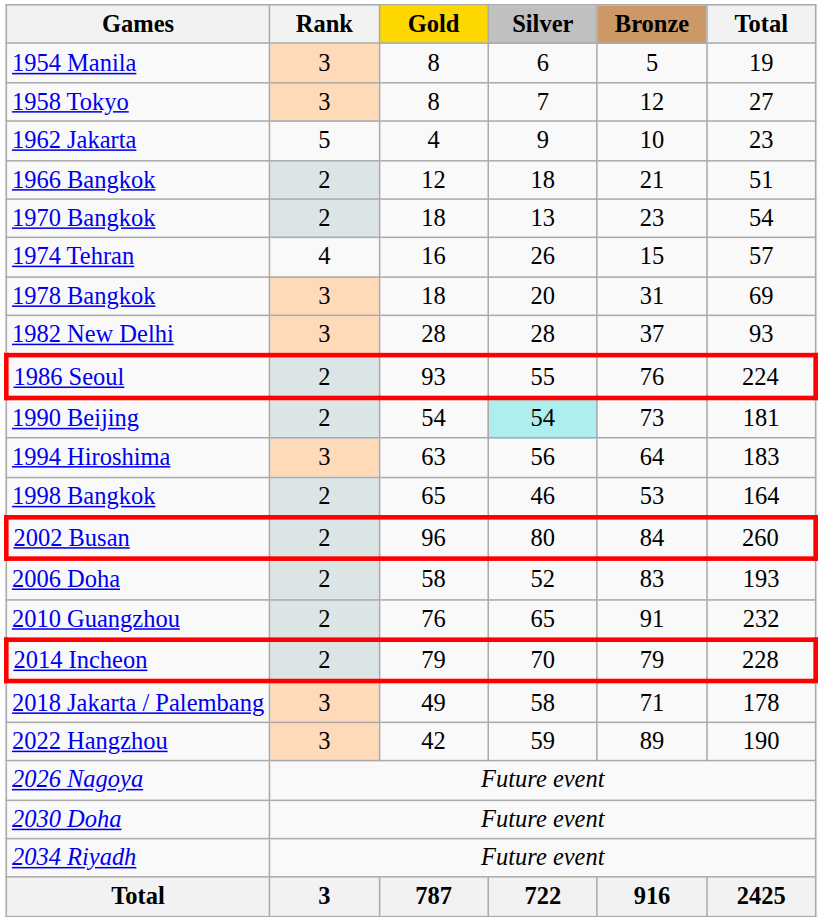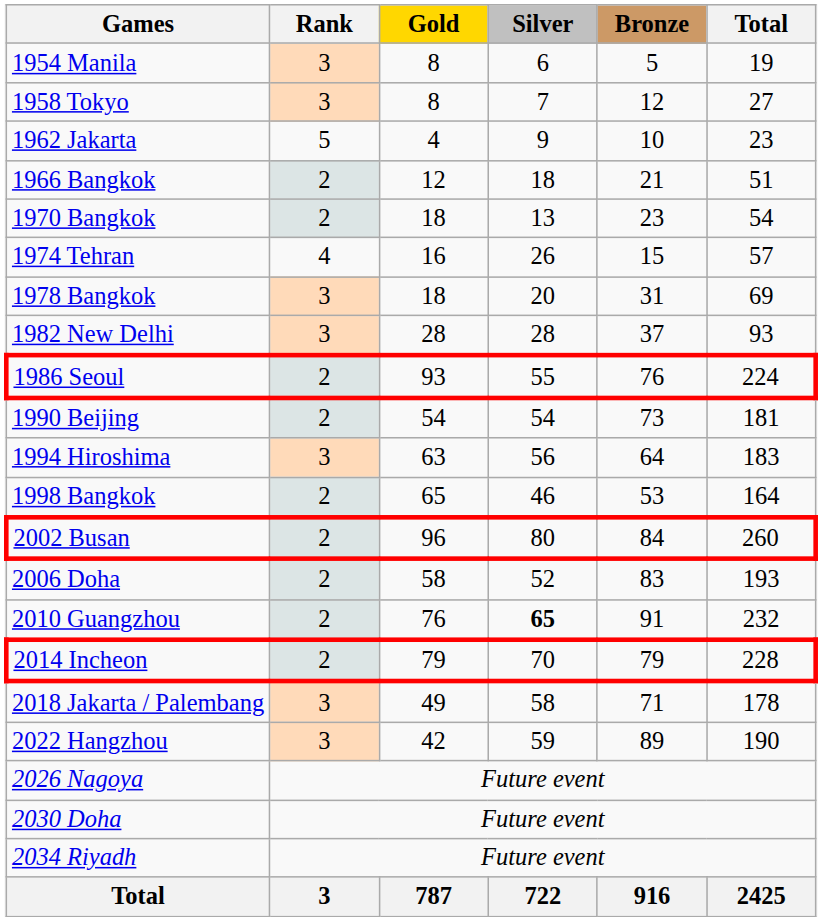 <table class="wikitable sortable" style="margin-top:0em; text-align:center; font-size:100%;">
 <tr>
 <th>Games</th>
 <th style="width:4em;">Rank</th>
 <th style="background:gold; width:4em;"><strong>Gold</strong></th>
 <th style="background:silver; width:4em;"><strong>Silver</strong></th>
 <th style="background:#cc9966; width:4em;"><strong>Bronze</strong></th>
 <th style="width:4em;">Total</th>
 </tr>
 <tr>
 <td align=left> <a href='#'>1954 Manila</a></td>
 <td bgcolor=ffdab9>3</td>
 <td>8</td>
 <td>6</td>
 <td>5</td>
 <td>19</td>
 </tr>
 <tr>
 <td align=left> <a href='#'>1958 Tokyo</a></td>
 <td bgcolor=ffdab9>3</td>
 <td>8</td>
 <td>7</td>
 <td>12</td>
 <td>27</td>
 </tr>
 <tr>
 <td align=left> <a href='#'>1962 Jakarta</a></td>
 <td>5</td>
 <td>4</td>
 <td>9</td>
 <td>10</td>
 <td>23</td>
 </tr>
 <tr>
 <td align=left> <a href='#'>1966 Bangkok</a></td>
 <td bgcolor=dce5e5>2</td>
 <td>12</td>
 <td>18</td>
 <td>21</td>
 <td>51</td>
 </tr>
 <tr>
 <td align=left> <a href='#'>1970 Bangkok</a></td>
 <td bgcolor=dce5e5>2</td>
 <td>18</td>
 <td>13</td>
 <td>23</td>
 <td>54</td>
 </tr>
 <tr>
 <td align=left> <a href='#'>1974 Tehran</a></td>
 <td>4</td>
 <td>16</td>
 <td>26</td>
 <td>15</td>
 <td>57</td>
 </tr>
 <tr>
 <td align=left> <a href='#'>1978 Bangkok</a></td>
 <td bgcolor=ffdab9>3</td>
 <td>18</td>
 <td>20</td>
 <td>31</td>
 <td>69</td>
 </tr>
 <tr>
 <td align=left> <a href='#'>1982 New Delhi</a></td>
 <td bgcolor=ffdab9>3</td>
 <td>28</td>
 <td>28</td>
 <td>37</td>
 <td>93</td>
 </tr>
 <tr style="border: 3px solid red">
 <td align=left> <a href='#'>1986 Seoul</a></td>
 <td bgcolor=dce5e5>2</td>
 <td>93</td>
 <td>55</td>
 <td>76</td>
 <td>224</td>
 </tr>
 <tr>
 <td align=left> <a href='#'>1990 Beijing</a></td>
 <td bgcolor=dce5e5>2</td>
 <td>54</td>
-<td style="background: paleturquoise;">54</td>
+<td>54</td>
 <td>73</td>
 <td>181</td>
 </tr>
 <tr>
 <td align=left> <a href='#'>1994 Hiroshima</a></td>
 <td bgcolor=ffdab9>3</td>
 <td>63</td>
 <td>56</td>
 <td>64</td>
 <td>183</td>
 </tr>
 <tr>
 <td align=left> <a href='#'>1998 Bangkok</a></td>
 <td bgcolor=dce5e5>2</td>
 <td>65</td>
 <td>46</td>
 <td>53</td>
 <td>164</td>
 </tr>
 <tr style="border: 3px solid red">
 <td align=left> <a href='#'>2002 Busan</a></td>
 <td bgcolor=dce5e5>2</td>
 <td>96</td>
 <td>80</td>
 <td>84</td>
 <td>260</td>
 </tr>
 <tr>
 <td align=left> <a href='#'>2006 Doha</a></td>
 <td bgcolor=dce5e5>2</td>
 <td>58</td>
 <td>52</td>
 <td>83</td>
 <td>193</td>
 </tr>
 <tr>
 <td align=left> <a href='#'>2010 Guangzhou</a></td>
 <td bgcolor=dce5e5>2</td>
 <td>76</td>
-<td>65</td>
+<td><strong>65</strong></td>
 <td>91</td>
 <td>232</td>
 </tr>
 <tr style="border: 3px solid red">
 <td align=left> <a href='#'>2014 Incheon</a></td>
 <td bgcolor=dce5e5>2</td>
 <td>79</td>
 <td>70</td>
 <td>79</td>
 <td>228</td>
 </tr>
 <tr>
 <td align=left> <a href='#'>2018 Jakarta / Palembang</a></td>
 <td bgcolor=ffdab9>3</td>
 <td>49</td>
 <td>58</td>
 <td>71</td>
 <td>178</td>
 </tr>
 <tr>
 <td align=left> <a href='#'>2022 Hangzhou</a></td>
 <td bgcolor=ffdab9>3</td>
 <td>42</td>
 <td>59</td>
 <td>89</td>
 <td>190</td>
 </tr>
 <tr>
 <td align=left> <em><a href='#'>2026 Nagoya</a></em></td>
 <td colspan=5><em>Future event</em></td>
 </tr>
 <tr>
 <td align=left> <em><a href='#'>2030 Doha</a></em></td>
 <td colspan=5><em>Future event</em></td>
 </tr>
 <tr>
 <td align=left> <em><a href='#'>2034 Riyadh</a></em></td>
 <td colspan=5><em>Future event</em></td>
 </tr>
 <tr>
 <th>Total</th>
 <th>3</th>
 <th>787</th>
 <th>722</th>
 <th>916</th>
 <th>2425</th>
 </tr>
 </table>
